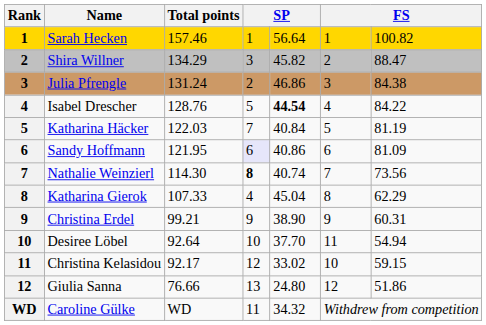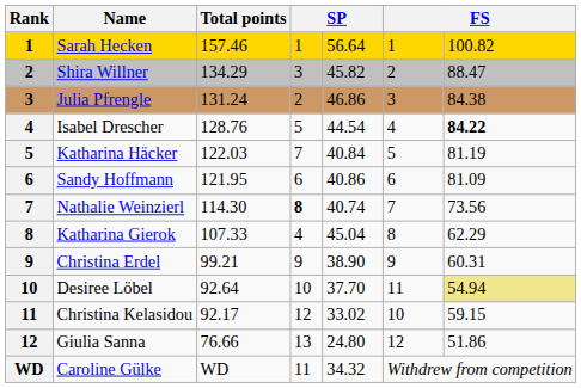 <table class="wikitable sortable">
 <tr>
 <th>Rank</th>
 <th>Name</th>
 <th>Total points</th>
 <th colspan="2" width="80px"><a href='#'>SP</a></th>
 <th colspan="2" width="80px"><a href='#'>FS</a></th>
 </tr>
 <tr bgcolor="gold">
 <td align="center"><strong>1</strong></td>
 <td><a href='#'>Sarah Hecken</a></td>
 <td>157.46</td>
 <td>1</td>
 <td>56.64</td>
 <td>1</td>
 <td>100.82</td>
 </tr>
 <tr bgcolor="silver">
 <td align="center"><strong>2</strong></td>
 <td><a href='#'>Shira Willner</a></td>
 <td>134.29</td>
 <td>3</td>
 <td>45.82</td>
 <td>2</td>
 <td>88.47</td>
 </tr>
 <tr bgcolor="cc9966">
 <td align="center"><strong>3</strong></td>
 <td><a href='#'>Julia Pfrengle</a></td>
 <td>131.24</td>
 <td>2</td>
 <td>46.86</td>
 <td>3</td>
 <td>84.38</td>
 </tr>
 <tr>
 <th>4</th>
 <td>Isabel Drescher</td>
 <td>128.76</td>
 <td>5</td>
-<td><strong>44.54</strong></td>
+<td>44.54</td>
 <td>4</td>
-<td>84.22</td>
+<td><strong>84.22</strong></td>
 </tr>
 <tr>
 <th>5</th>
 <td><a href='#'>Katharina Häcker</a></td>
 <td>122.03</td>
 <td>7</td>
 <td>40.84</td>
 <td>5</td>
 <td>81.19</td>
 </tr>
 <tr>
 <th>6</th>
 <td><a href='#'>Sandy Hoffmann</a></td>
 <td>121.95</td>
-<td style="background: lavender;">6</td>
+<td>6</td>
 <td>40.86</td>
 <td>6</td>
 <td>81.09</td>
 </tr>
 <tr>
 <th>7</th>
 <td><a href='#'>Nathalie Weinzierl</a></td>
 <td>114.30</td>
 <td><strong>8</strong></td>
 <td>40.74</td>
 <td>7</td>
 <td>73.56</td>
 </tr>
 <tr>
 <th>8</th>
 <td><a href='#'>Katharina Gierok</a></td>
 <td>107.33</td>
 <td>4</td>
 <td>45.04</td>
 <td>8</td>
 <td>62.29</td>
 </tr>
 <tr>
 <th>9</th>
 <td><a href='#'>Christina Erdel</a></td>
 <td>99.21</td>
 <td>9</td>
 <td>38.90</td>
 <td>9</td>
 <td>60.31</td>
 </tr>
 <tr>
 <th>10</th>
 <td>Desiree Löbel</td>
 <td>92.64</td>
 <td>10</td>
 <td>37.70</td>
 <td>11</td>
-<td>54.94</td>
+<td style="background: khaki;">54.94</td>
 </tr>
 <tr>
 <th>11</th>
 <td>Christina Kelasidou</td>
 <td>92.17</td>
 <td>12</td>
 <td>33.02</td>
 <td>10</td>
 <td>59.15</td>
 </tr>
 <tr>
 <th>12</th>
 <td>Giulia Sanna</td>
 <td>76.66</td>
 <td>13</td>
 <td>24.80</td>
 <td>12</td>
 <td>51.86</td>
 </tr>
 <tr>
 <th>WD</th>
 <td><a href='#'>Caroline Gülke</a></td>
 <td>WD</td>
 <td>11</td>
 <td>34.32</td>
 <td colspan="2"><em>Withdrew from competition</em></td>
 </tr>
 </table>
